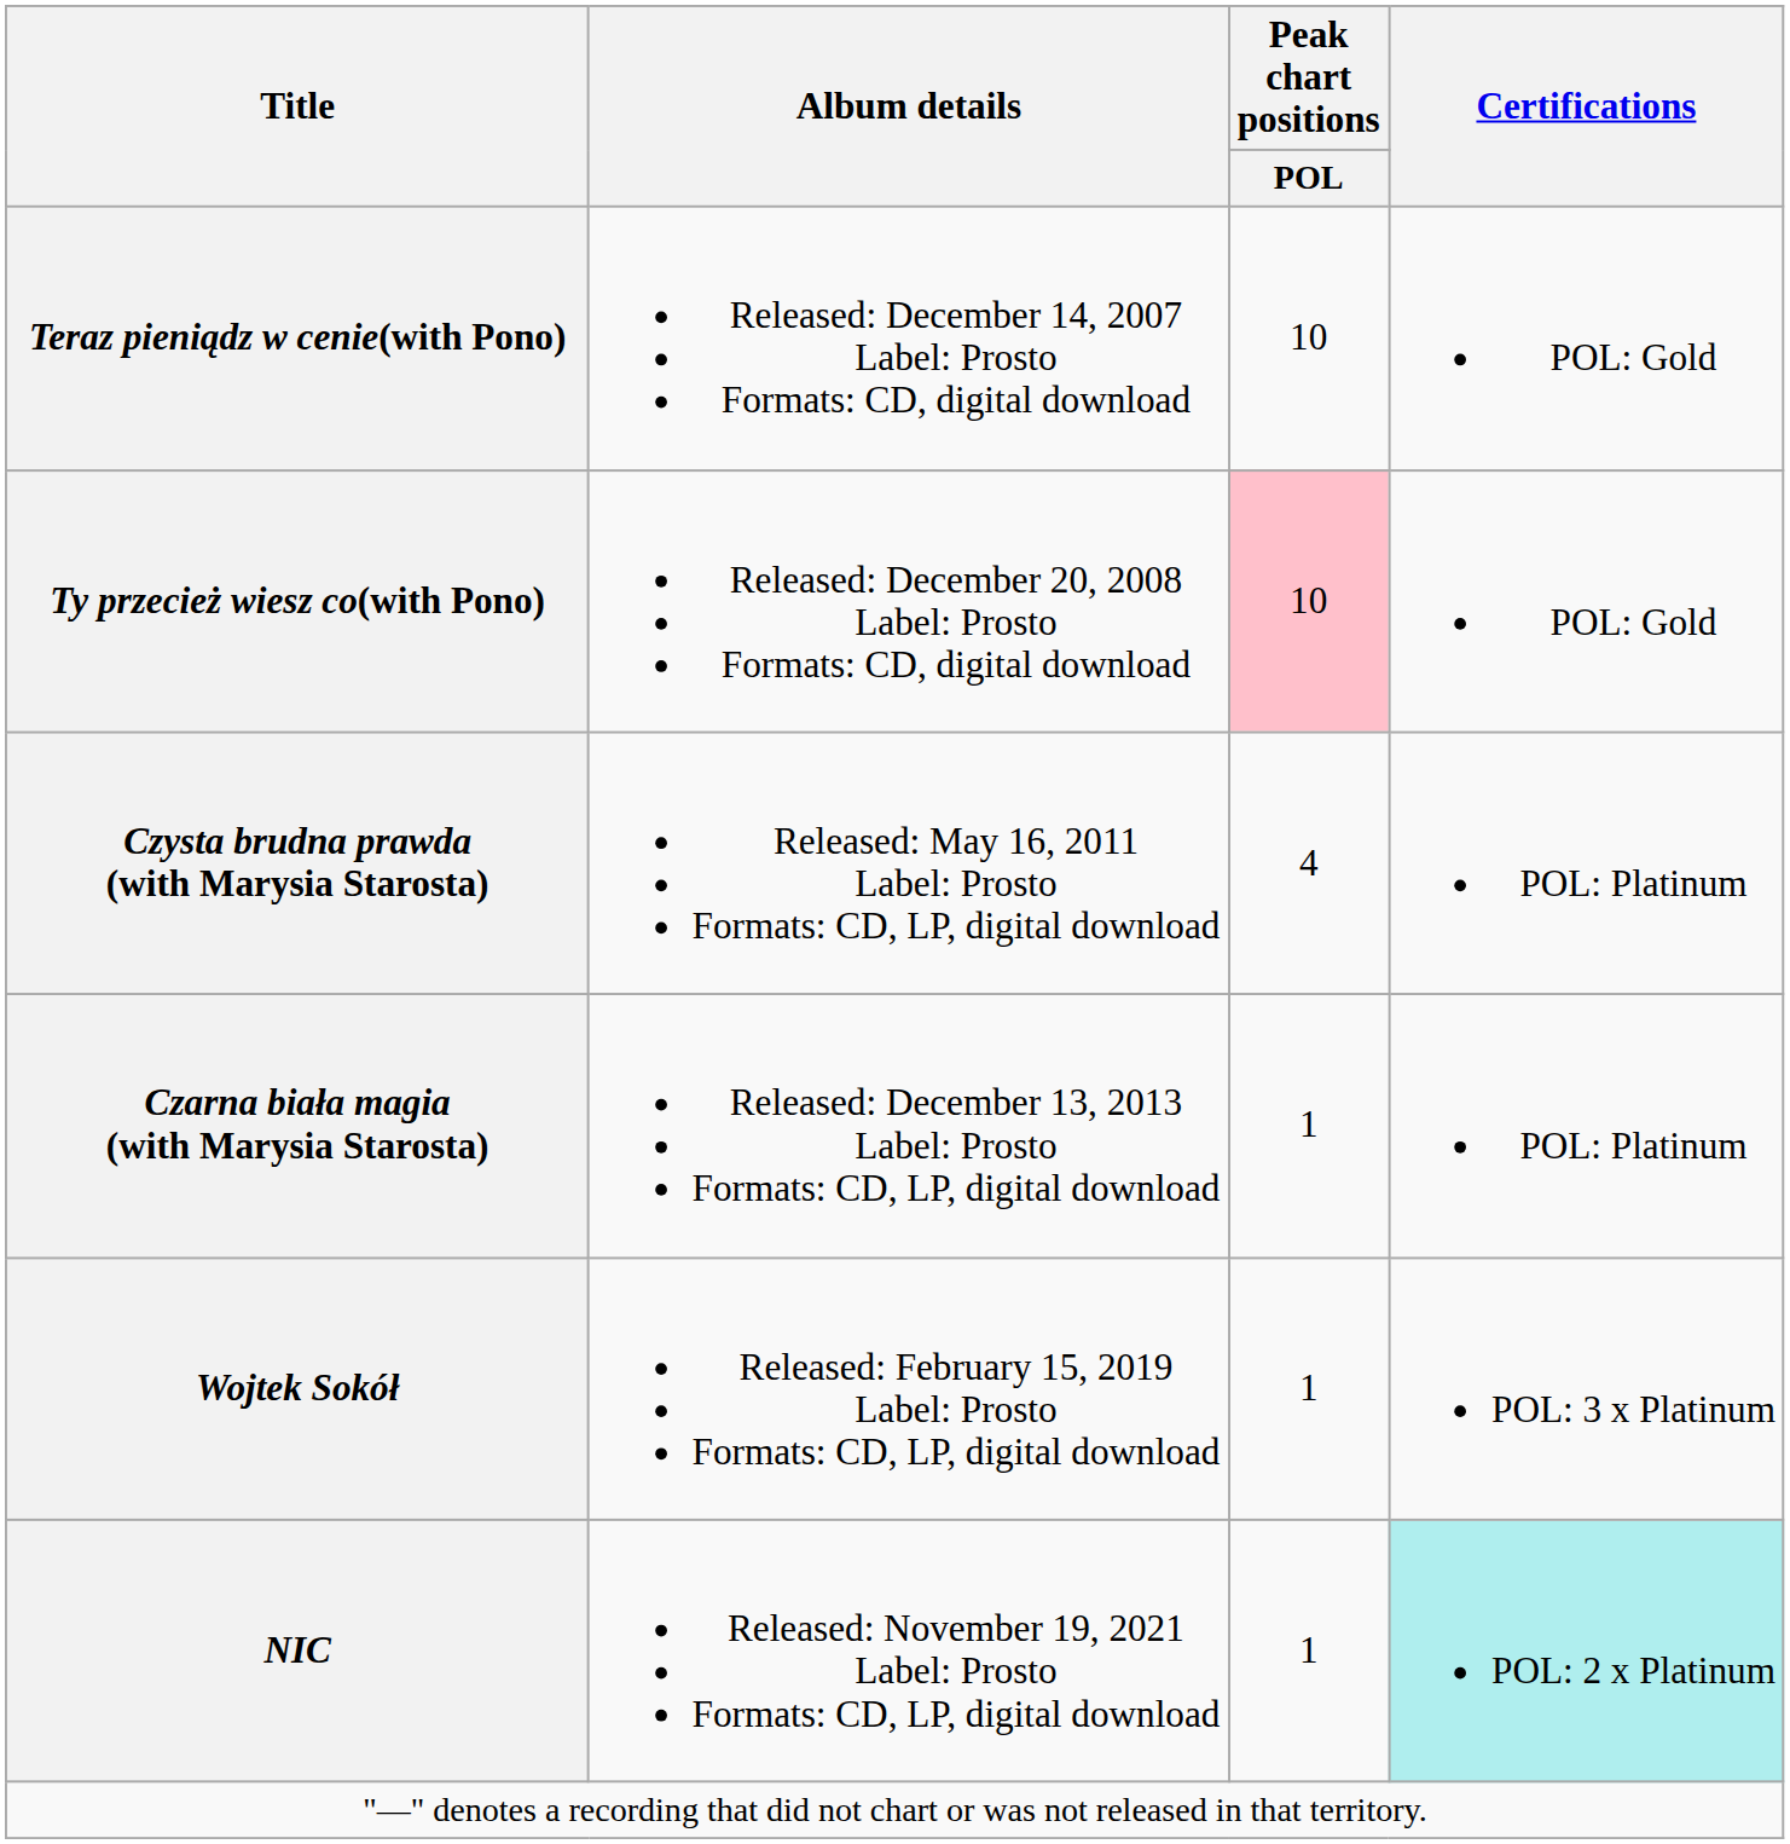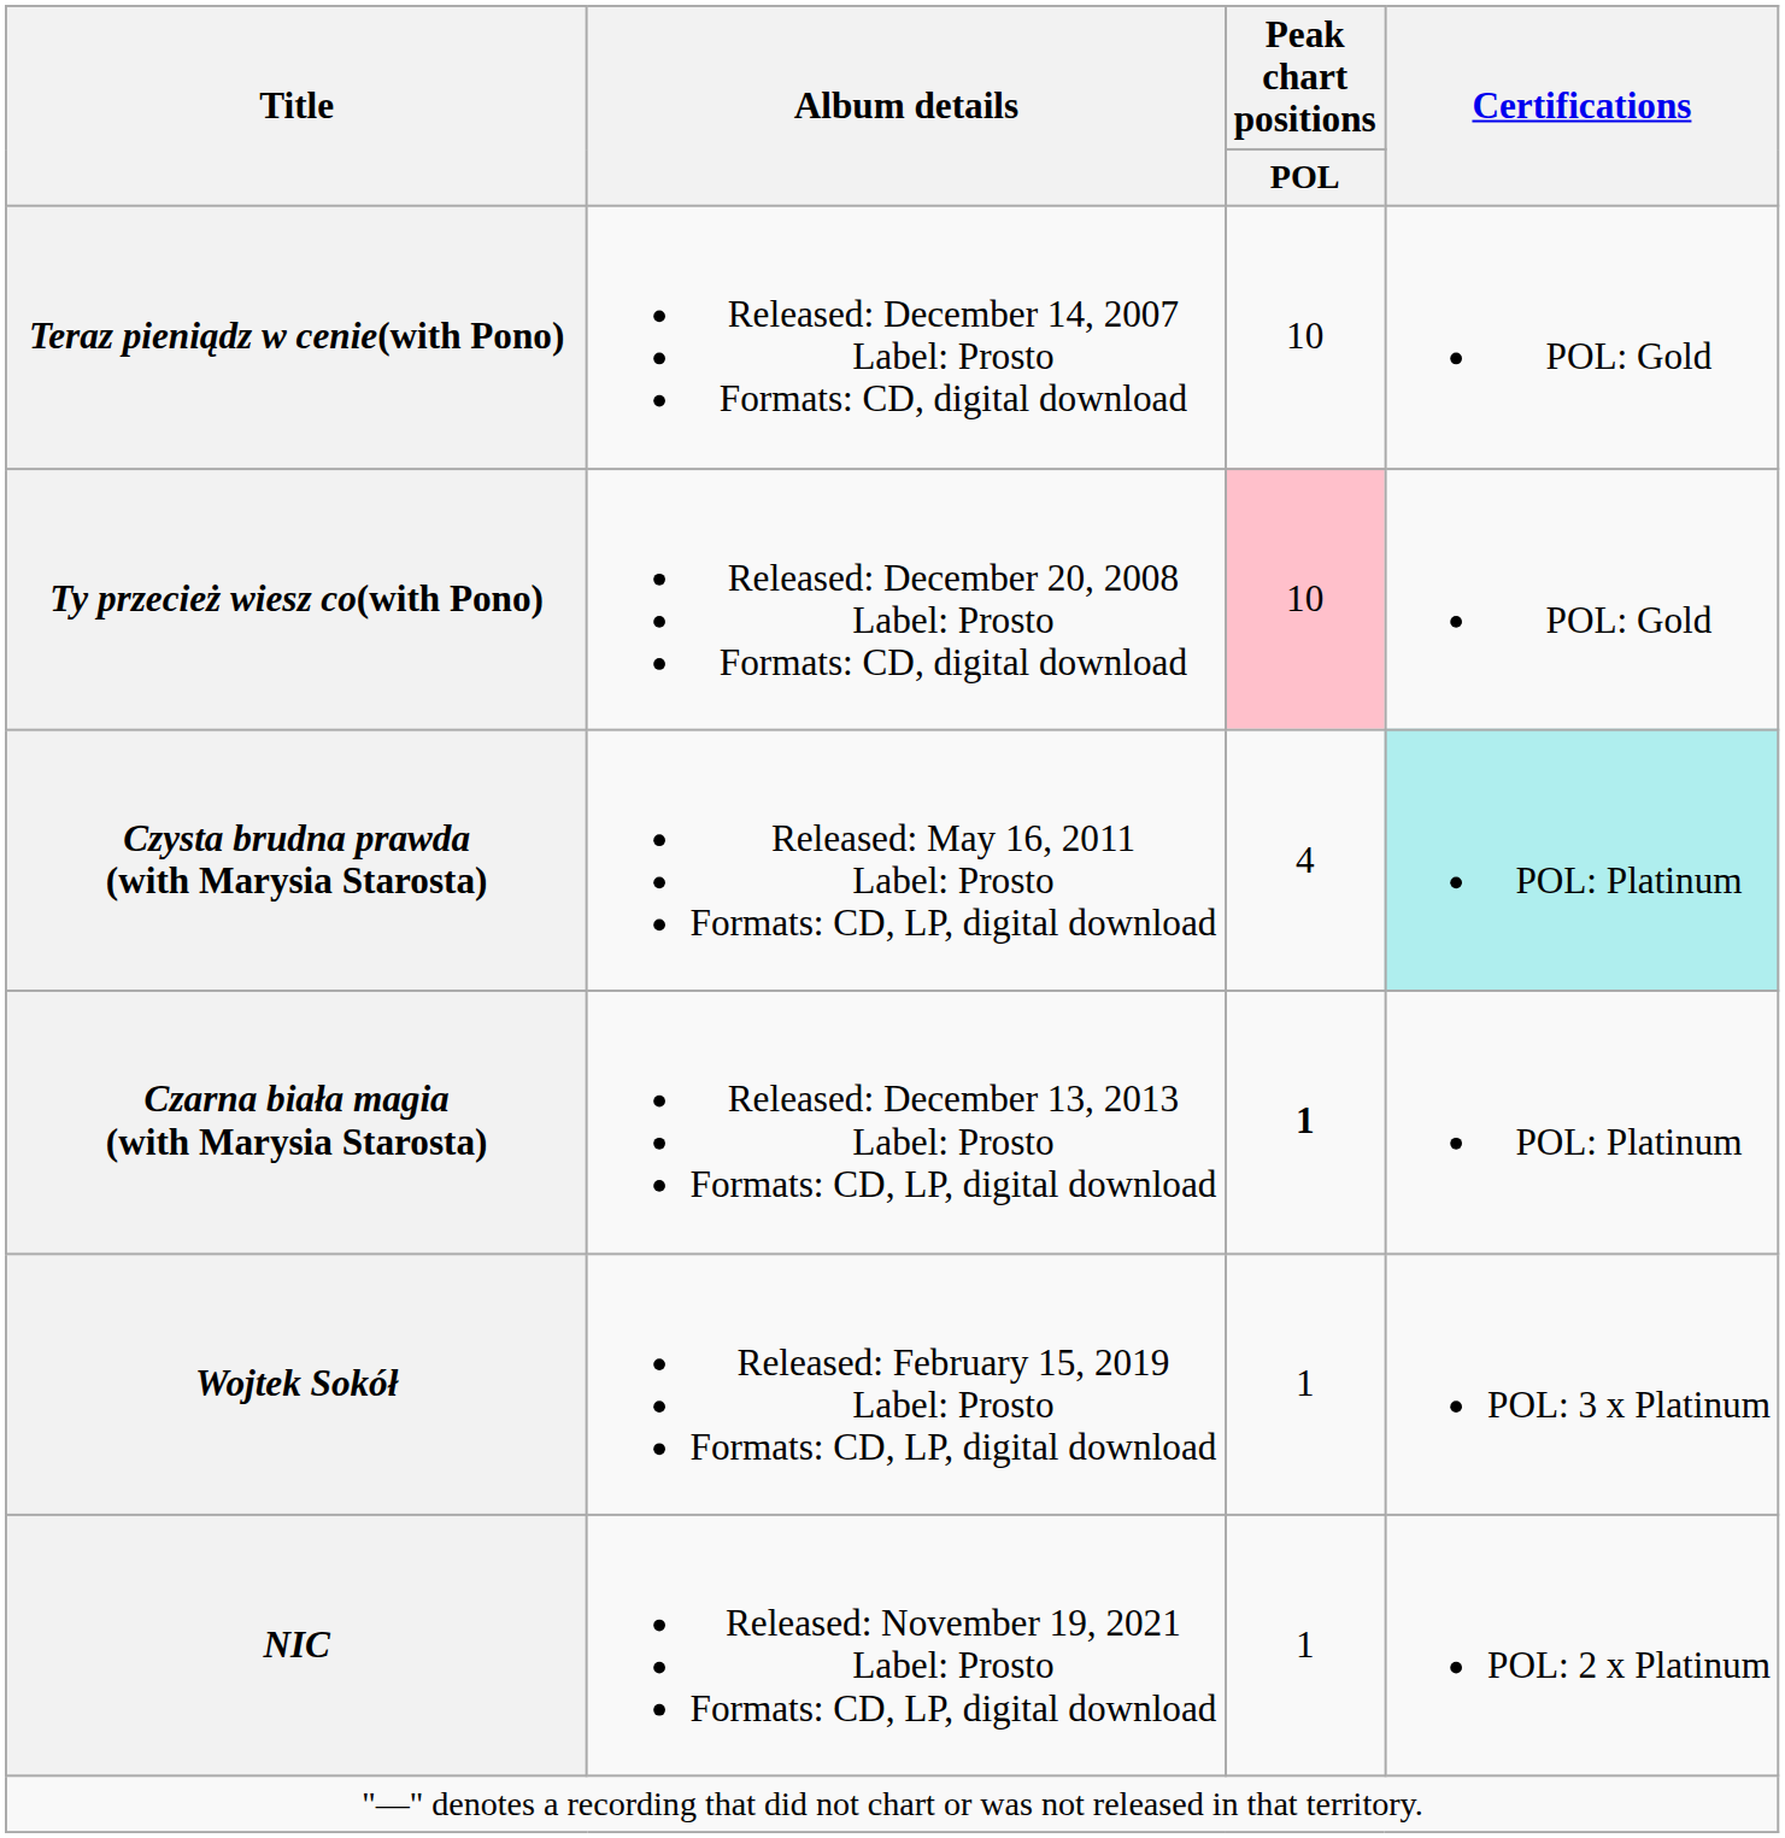 <table class="wikitable plainrowheaders" style="text-align:center;">
 <tr>
 <th scope="col" rowspan="2" style="width:15em;">Title</th>
 <th scope="col" rowspan="2">Album details</th>
 <th scope="col">Peak chart positions</th>
 <th scope="col" rowspan="2"><a href='#'>Certifications</a></th>
 </tr>
 <tr>
 <th scope="col" style="width:3em;font-size:90%;">POL<br></th>
 </tr>
 <tr>
 <th><strong><em>Teraz pieniądz w cenie</em></strong>(with Pono)</th>
 <td><br><ul><li>Released: December 14, 2007</li><li>Label: Prosto</li><li>Formats: CD, digital download</li></ul></td>
 <td>10</td>
 <td><br><ul><li>POL: Gold</li></ul></td>
 </tr>
 <tr>
 <th><strong><em>Ty przecież wiesz co</em></strong>(with Pono)</th>
 <td><br><ul><li>Released: December 20, 2008</li><li>Label: Prosto</li><li>Formats: CD, digital download</li></ul></td>
 <td style="background: pink;">10</td>
 <td><br><ul><li>POL: Gold</li></ul></td>
 </tr>
 <tr>
 <th scope="row"><strong><em>Czysta brudna prawda</em></strong><br>(with Marysia Starosta)</th>
 <td><br><ul><li>Released: May 16, 2011</li><li>Label: Prosto</li><li>Formats: CD, LP, digital download</li></ul></td>
 <td>4</td>
-<td><br><ul><li>POL: Platinum</li></ul></td>
+<td style="background: paleturquoise;"><br><ul><li>POL: Platinum</li></ul></td>
 </tr>
 <tr>
 <th scope="row"><strong><em>Czarna biała magia</em></strong><br>(with Marysia Starosta)</th>
 <td><br><ul><li>Released: December 13, 2013</li><li>Label: Prosto</li><li>Formats: CD, LP, digital download</li></ul></td>
-<td>1</td>
+<td><strong>1</strong></td>
 <td><br><ul><li>POL: Platinum</li></ul></td>
 </tr>
 <tr>
 <th><em>Wojtek Sokół</em></th>
 <td><br><ul><li>Released: February 15, 2019</li><li>Label: Prosto</li><li>Formats: CD, LP, digital download</li></ul></td>
 <td>1</td>
 <td><br><ul><li>POL: 3 x Platinum</li></ul></td>
 </tr>
 <tr>
 <th><em>NIC</em></th>
 <td><br><ul><li>Released: November 19, 2021</li><li>Label: Prosto</li><li>Formats: CD, LP, digital download</li></ul></td>
 <td>1</td>
-<td style="background: paleturquoise;"><br><ul><li>POL: 2 x Platinum</li></ul></td>
+<td><br><ul><li>POL: 2 x Platinum</li></ul></td>
 </tr>
 <tr>
 <td colspan="20" style="font-size:90%">"—" denotes a recording that did not chart or was not released in that territory.</td>
 </tr>
 </table>
